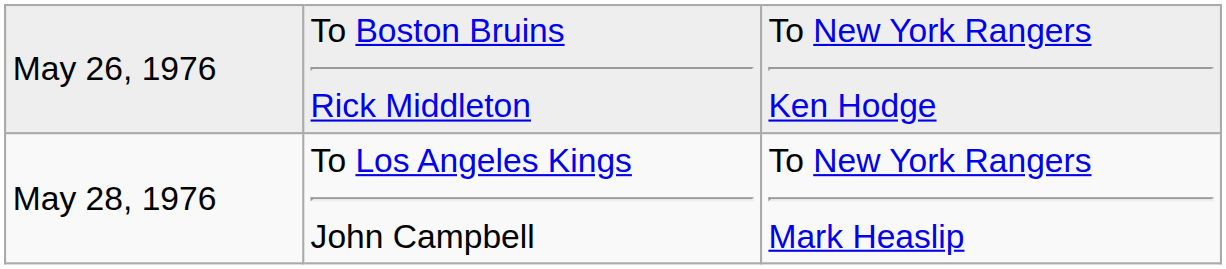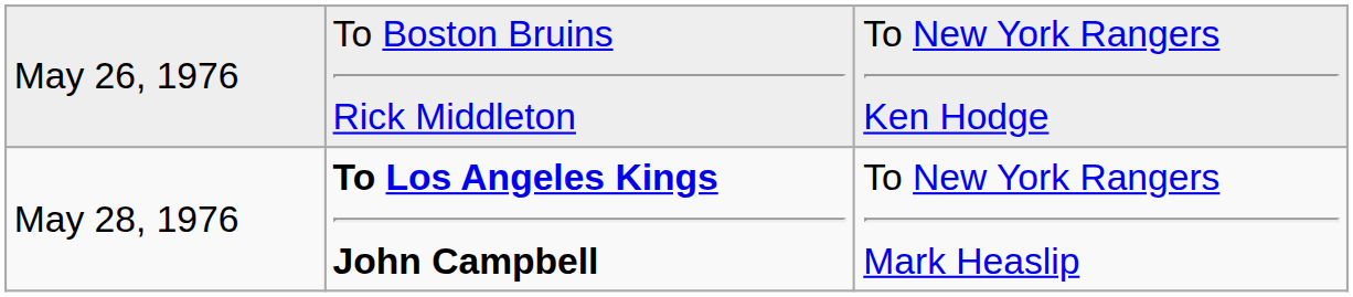 <table class="wikitable" style="border:1px solid #999; width:580px;">
 <tr style="background:#eee;">
 <td>May 26, 1976</td>
 <td valign="top">To <a href='#'>Boston Bruins</a><hr><a href='#'>Rick Middleton</a></td>
 <td valign="top">To <a href='#'>New York Rangers</a><hr><a href='#'>Ken Hodge</a></td>
 </tr>
 <tr>
 <td>May 28, 1976</td>
-<td valign="top">To <a href='#'>Los Angeles Kings</a><hr>John Campbell</td>
+<td valign="top"><strong>To <a href='#'>Los Angeles Kings</a><hr>John Campbell</strong></td>
 <td valign="top">To <a href='#'>New York Rangers</a><hr><a href='#'>Mark Heaslip</a></td>
 </tr>
 </table>
